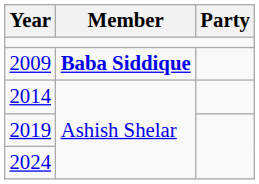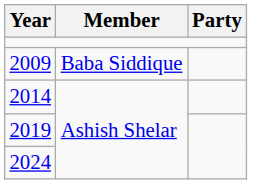 <table class="wikitable">
 <tr>
 <th>Year</th>
 <th>Member</th>
 <th colspan="2">Party</th>
 </tr>
 <tr>
 <td colspan="4"></td>
 </tr>
 <tr>
 <td><a href='#'>2009</a></td>
-<td><strong><a href='#'>Baba Siddique</a></strong></td>
+<td><a href='#'>Baba Siddique</a></td>
 <td></td>
 </tr>
 <tr>
 <td><a href='#'>2014</a></td>
 <td rowspan="3"><a href='#'>Ashish Shelar</a></td>
 <td></td>
 </tr>
 <tr>
 <td><a href='#'>2019</a></td>
 </tr>
 <tr>
 <td><a href='#'>2024</a></td>
 </tr>
 </table>
